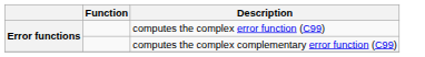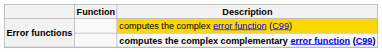 <table class="wikitable" style="font-size:0.85em">
 <tr>
 <th></th>
 <th>Function</th>
 <th>Description</th>
 </tr>
 <tr>
 <th rowspan=2>Error functions</th>
 <td><code></code></td>
-<td>computes the complex <a href='#'>error function</a> (<a href='#'>C99</a>)</td>
+<td style="background: gold;">computes the complex <a href='#'>error function</a> (<a href='#'>C99</a>)</td>
 </tr>
 <tr>
 <td><code></code></td>
-<td>computes the complex complementary <a href='#'>error function</a> (<a href='#'>C99</a>)</td>
+<td><strong>computes the complex complementary <a href='#'>error function</a> (<a href='#'>C99</a>)</strong></td>
 </tr>
 <tr>
 </tr>
 </table>
